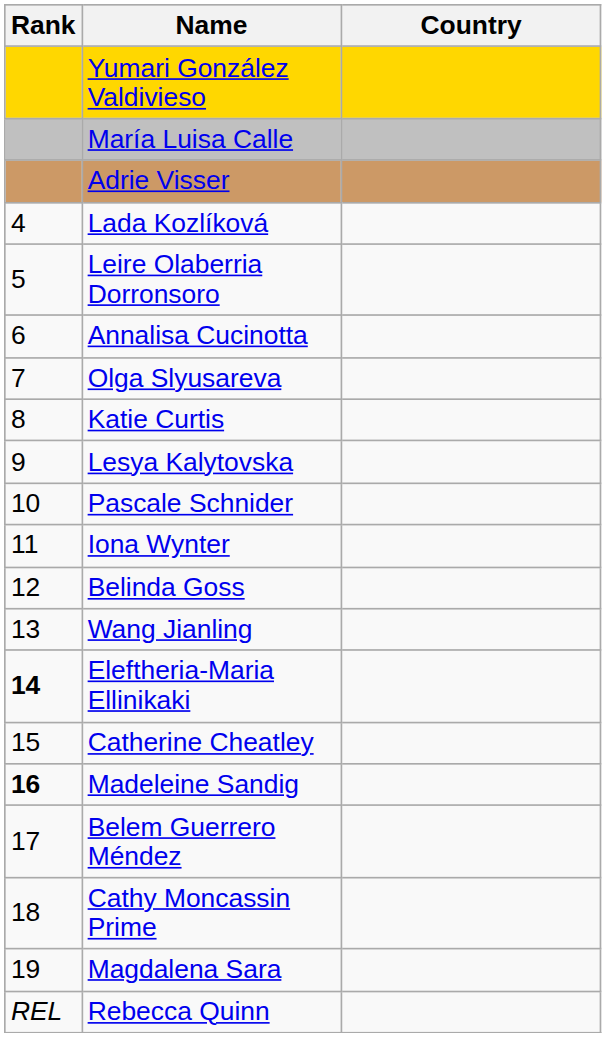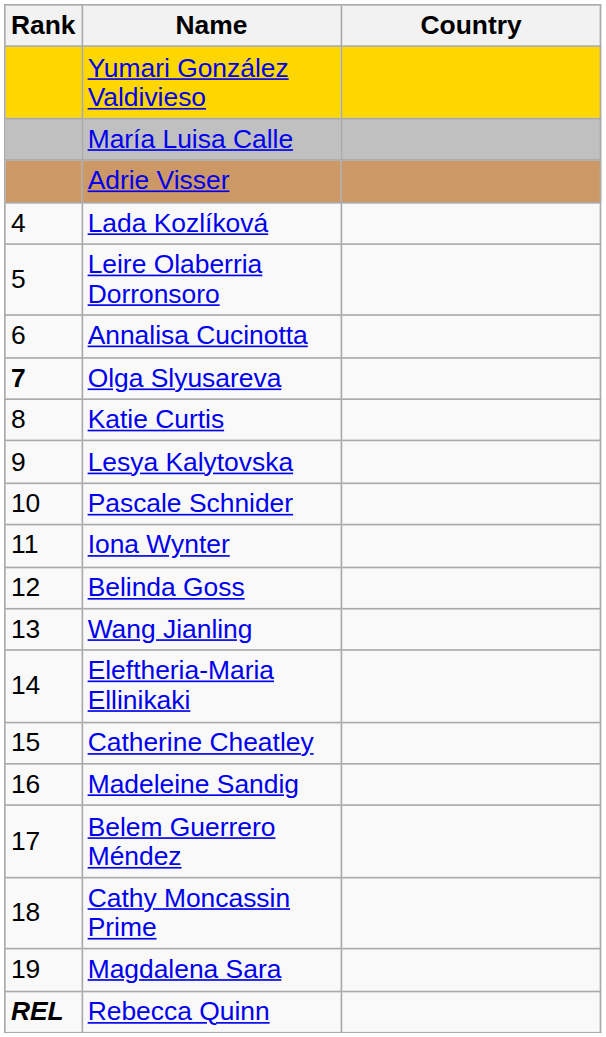 <table class="wikitable">
 <tr>
 <th width=20>Rank</th>
 <th width=150>Name</th>
 <th width=150>Country</th>
 </tr>
 <tr bgcolor=gold>
 <td></td>
 <td><a href='#'>Yumari González Valdivieso</a></td>
 <td></td>
 </tr>
 <tr bgcolor=silver>
 <td></td>
 <td><a href='#'>María Luisa Calle</a></td>
 <td></td>
 </tr>
 <tr bgcolor=cc9966>
 <td></td>
 <td><a href='#'>Adrie Visser</a></td>
 <td></td>
 </tr>
 <tr>
 <td>4</td>
 <td><a href='#'>Lada Kozlíková</a></td>
 <td></td>
 </tr>
 <tr>
 <td>5</td>
 <td><a href='#'>Leire Olaberria Dorronsoro</a></td>
 <td></td>
 </tr>
 <tr>
 <td>6</td>
 <td><a href='#'>Annalisa Cucinotta</a></td>
 <td></td>
 </tr>
 <tr>
-<td>7</td>
+<td><strong>7</strong></td>
 <td><a href='#'>Olga Slyusareva</a></td>
 <td></td>
 </tr>
 <tr>
 <td>8</td>
 <td><a href='#'>Katie Curtis</a></td>
 <td></td>
 </tr>
 <tr>
 <td>9</td>
 <td><a href='#'>Lesya Kalytovska</a></td>
 <td></td>
 </tr>
 <tr>
 <td>10</td>
 <td><a href='#'>Pascale Schnider</a></td>
 <td></td>
 </tr>
 <tr>
 <td>11</td>
 <td><a href='#'>Iona Wynter</a></td>
 <td></td>
 </tr>
 <tr>
 <td>12</td>
 <td><a href='#'>Belinda Goss</a></td>
 <td></td>
 </tr>
 <tr>
 <td>13</td>
 <td><a href='#'>Wang Jianling</a></td>
 <td></td>
 </tr>
 <tr>
-<td><strong>14</strong></td>
+<td>14</td>
 <td><a href='#'>Eleftheria-Maria Ellinikaki</a></td>
 <td></td>
 </tr>
 <tr>
 <td>15</td>
 <td><a href='#'>Catherine Cheatley</a></td>
 <td></td>
 </tr>
 <tr>
-<td><strong>16</strong></td>
+<td>16</td>
 <td><a href='#'>Madeleine Sandig</a></td>
 <td></td>
 </tr>
 <tr>
 <td>17</td>
 <td><a href='#'>Belem Guerrero Méndez</a></td>
 <td></td>
 </tr>
 <tr>
 <td>18</td>
 <td><a href='#'>Cathy Moncassin Prime</a></td>
 <td></td>
 </tr>
 <tr>
 <td>19</td>
 <td><a href='#'>Magdalena Sara</a></td>
 <td></td>
 </tr>
 <tr>
-<td><em>REL</em></td>
+<td><strong><em>REL</em></strong></td>
 <td><a href='#'>Rebecca Quinn</a></td>
 <td></td>
 </tr>
 <tr>
 </tr>
 </table>
